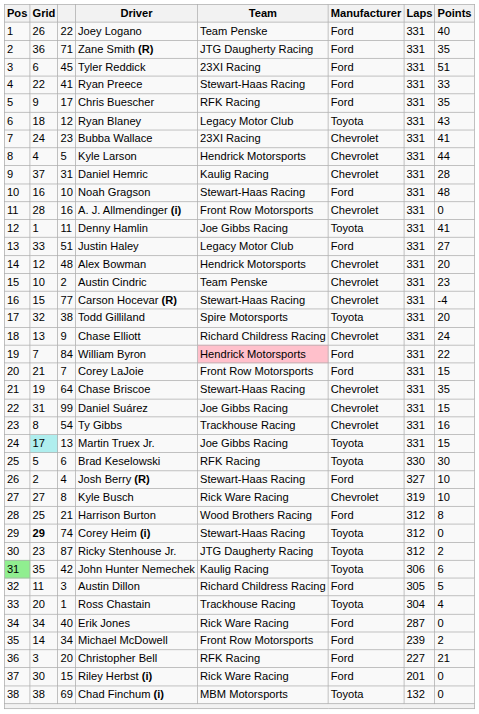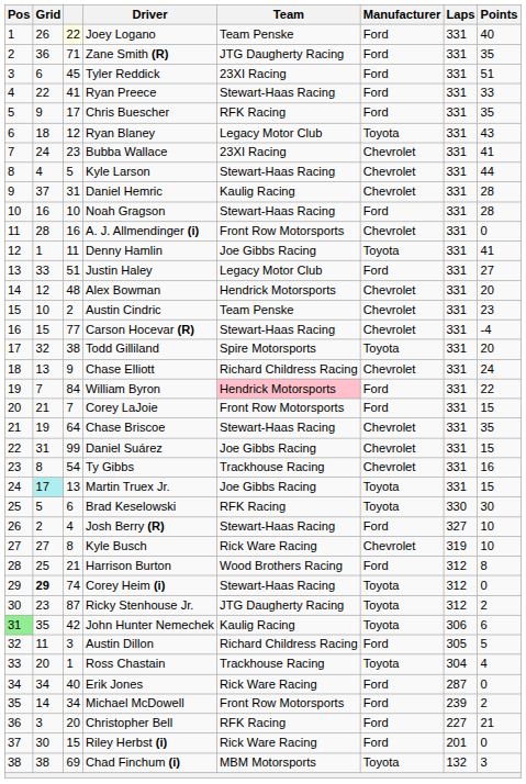 <table class="wikitable" style="font-size:98%">
 <tr>
 <th>Pos</th>
 <th>Grid</th>
 <th></th>
 <th>Driver</th>
 <th>Team</th>
 <th>Manufacturer</th>
 <th>Laps</th>
 <th>Points</th>
 </tr>
 <tr>
 <td>1</td>
 <td>26</td>
-<td>22</td>
+<td style="background: lightyellow;">22</td>
 <td>Joey Logano</td>
 <td>Team Penske</td>
 <td>Ford</td>
 <td>331</td>
 <td>40</td>
 </tr>
 <tr>
 <td>2</td>
 <td>36</td>
 <td>71</td>
 <td>Zane Smith <strong>(R)</strong></td>
 <td>JTG Daugherty Racing</td>
 <td>Ford</td>
 <td>331</td>
 <td>35</td>
 </tr>
 <tr>
 <td>3</td>
 <td>6</td>
 <td>45</td>
 <td>Tyler Reddick</td>
 <td>23XI Racing</td>
 <td>Ford</td>
 <td>331</td>
 <td>51</td>
 </tr>
 <tr>
 <td>4</td>
 <td>22</td>
 <td>41</td>
 <td>Ryan Preece</td>
 <td>Stewart-Haas Racing</td>
 <td>Ford</td>
 <td>331</td>
 <td>33</td>
 </tr>
 <tr>
 <td>5</td>
 <td>9</td>
 <td>17</td>
 <td>Chris Buescher</td>
 <td>RFK Racing</td>
 <td>Ford</td>
 <td>331</td>
 <td>35</td>
 </tr>
 <tr>
 <td>6</td>
 <td>18</td>
 <td>12</td>
 <td>Ryan Blaney</td>
 <td>Legacy Motor Club</td>
 <td>Toyota</td>
 <td>331</td>
 <td>43</td>
 </tr>
 <tr>
 <td>7</td>
 <td>24</td>
 <td>23</td>
 <td>Bubba Wallace</td>
 <td>23XI Racing</td>
 <td>Chevrolet</td>
 <td>331</td>
 <td>41</td>
 </tr>
 <tr>
 <td>8</td>
 <td>4</td>
 <td>5</td>
 <td>Kyle Larson</td>
-<td>Hendrick Motorsports</td>
+<td>Stewart-Haas Racing</td>
 <td>Chevrolet</td>
 <td>331</td>
 <td>44</td>
 </tr>
 <tr>
 <td>9</td>
 <td>37</td>
 <td>31</td>
 <td>Daniel Hemric</td>
 <td>Kaulig Racing</td>
 <td>Chevrolet</td>
 <td>331</td>
 <td>28</td>
 </tr>
 <tr>
 <td>10</td>
 <td>16</td>
 <td>10</td>
 <td>Noah Gragson</td>
 <td>Stewart-Haas Racing</td>
 <td>Ford</td>
 <td>331</td>
-<td>48</td>
+<td>28</td>
 </tr>
 <tr>
 <td>11</td>
 <td>28</td>
 <td>16</td>
 <td>A. J. Allmendinger <strong>(i)</strong></td>
 <td>Front Row Motorsports</td>
 <td>Chevrolet</td>
 <td>331</td>
 <td>0</td>
 </tr>
 <tr>
 <td>12</td>
 <td>1</td>
 <td>11</td>
 <td>Denny Hamlin</td>
 <td>Joe Gibbs Racing</td>
 <td>Toyota</td>
 <td>331</td>
 <td>41</td>
 </tr>
 <tr>
 <td>13</td>
 <td>33</td>
 <td>51</td>
 <td>Justin Haley</td>
 <td>Legacy Motor Club</td>
 <td>Ford</td>
 <td>331</td>
 <td>27</td>
 </tr>
 <tr>
 <td>14</td>
 <td>12</td>
 <td>48</td>
 <td>Alex Bowman</td>
 <td>Hendrick Motorsports</td>
 <td>Chevrolet</td>
 <td>331</td>
 <td>20</td>
 </tr>
 <tr>
 <td>15</td>
 <td>10</td>
 <td>2</td>
 <td>Austin Cindric</td>
 <td>Team Penske</td>
 <td>Chevrolet</td>
 <td>331</td>
 <td>23</td>
 </tr>
 <tr>
 <td>16</td>
 <td>15</td>
 <td>77</td>
 <td>Carson Hocevar <strong>(R)</strong></td>
 <td>Stewart-Haas Racing</td>
 <td>Chevrolet</td>
 <td>331</td>
 <td>-4</td>
 </tr>
 <tr>
 <td>17</td>
 <td>32</td>
 <td>38</td>
 <td>Todd Gilliland</td>
 <td>Spire Motorsports</td>
 <td>Toyota</td>
 <td>331</td>
 <td>20</td>
 </tr>
 <tr>
 <td>18</td>
 <td>13</td>
 <td>9</td>
 <td>Chase Elliott</td>
 <td>Richard Childress Racing</td>
 <td>Chevrolet</td>
 <td>331</td>
 <td>24</td>
 </tr>
 <tr>
 <td>19</td>
 <td>7</td>
 <td>84</td>
 <td>William Byron</td>
 <td style="background: pink;">Hendrick Motorsports</td>
 <td>Ford</td>
 <td>331</td>
 <td>22</td>
 </tr>
 <tr>
 <td>20</td>
 <td>21</td>
 <td>7</td>
 <td>Corey LaJoie</td>
 <td>Front Row Motorsports</td>
 <td>Ford</td>
 <td>331</td>
 <td>15</td>
 </tr>
 <tr>
 <td>21</td>
 <td>19</td>
 <td>64</td>
 <td>Chase Briscoe</td>
 <td>Stewart-Haas Racing</td>
 <td>Chevrolet</td>
 <td>331</td>
 <td>35</td>
 </tr>
 <tr>
 <td>22</td>
 <td>31</td>
 <td>99</td>
 <td>Daniel Suárez</td>
 <td>Joe Gibbs Racing</td>
 <td>Chevrolet</td>
 <td>331</td>
 <td>15</td>
 </tr>
 <tr>
 <td>23</td>
 <td>8</td>
 <td>54</td>
 <td>Ty Gibbs</td>
 <td>Trackhouse Racing</td>
 <td>Chevrolet</td>
 <td>331</td>
 <td>16</td>
 </tr>
 <tr>
 <td>24</td>
 <td style="background: paleturquoise;">17</td>
 <td>13</td>
 <td>Martin Truex Jr.</td>
 <td>Joe Gibbs Racing</td>
 <td>Toyota</td>
 <td>331</td>
 <td>15</td>
 </tr>
 <tr>
 <td>25</td>
 <td>5</td>
 <td>6</td>
 <td>Brad Keselowski</td>
 <td>RFK Racing</td>
 <td>Toyota</td>
 <td>330</td>
 <td>30</td>
 </tr>
 <tr>
 <td>26</td>
 <td>2</td>
 <td>4</td>
 <td>Josh Berry <strong>(R)</strong></td>
 <td>Stewart-Haas Racing</td>
 <td>Ford</td>
 <td>327</td>
 <td>10</td>
 </tr>
 <tr>
 <td>27</td>
 <td>27</td>
 <td>8</td>
 <td>Kyle Busch</td>
 <td>Rick Ware Racing</td>
 <td>Chevrolet</td>
 <td>319</td>
 <td>10</td>
 </tr>
 <tr>
 <td>28</td>
 <td>25</td>
 <td>21</td>
 <td>Harrison Burton</td>
 <td>Wood Brothers Racing</td>
 <td>Ford</td>
 <td>312</td>
 <td>8</td>
 </tr>
 <tr>
 <td>29</td>
 <td><strong>29</strong></td>
 <td>74</td>
 <td>Corey Heim <strong>(i)</strong></td>
 <td>Stewart-Haas Racing</td>
 <td>Toyota</td>
 <td>312</td>
 <td>0</td>
 </tr>
 <tr>
 <td>30</td>
 <td>23</td>
 <td>87</td>
 <td>Ricky Stenhouse Jr.</td>
 <td>JTG Daugherty Racing</td>
 <td>Toyota</td>
 <td>312</td>
 <td>2</td>
 </tr>
 <tr>
 <td style="background: lightgreen;">31</td>
 <td>35</td>
 <td>42</td>
 <td>John Hunter Nemechek</td>
 <td>Kaulig Racing</td>
 <td>Toyota</td>
 <td>306</td>
 <td>6</td>
 </tr>
 <tr>
 <td>32</td>
 <td>11</td>
 <td>3</td>
 <td>Austin Dillon</td>
 <td>Richard Childress Racing</td>
 <td>Ford</td>
 <td>305</td>
 <td>5</td>
 </tr>
 <tr>
 <td>33</td>
 <td>20</td>
 <td>1</td>
 <td>Ross Chastain</td>
 <td>Trackhouse Racing</td>
 <td>Toyota</td>
 <td>304</td>
 <td>4</td>
 </tr>
 <tr>
 <td>34</td>
 <td>34</td>
 <td>40</td>
 <td>Erik Jones</td>
 <td>Rick Ware Racing</td>
 <td>Ford</td>
 <td>287</td>
 <td>0</td>
 </tr>
 <tr>
 <td>35</td>
 <td>14</td>
 <td>34</td>
 <td>Michael McDowell</td>
 <td>Front Row Motorsports</td>
 <td>Ford</td>
 <td>239</td>
 <td>2</td>
 </tr>
 <tr>
 <td>36</td>
 <td>3</td>
 <td>20</td>
 <td>Christopher Bell</td>
 <td>RFK Racing</td>
 <td>Ford</td>
 <td>227</td>
 <td>21</td>
 </tr>
 <tr>
 <td>37</td>
 <td>30</td>
 <td>15</td>
 <td>Riley Herbst <strong>(i)</strong></td>
 <td>Rick Ware Racing</td>
 <td>Ford</td>
 <td>201</td>
 <td>0</td>
 </tr>
 <tr>
 <td>38</td>
 <td>38</td>
 <td>69</td>
 <td>Chad Finchum <strong>(i)</strong></td>
 <td>MBM Motorsports</td>
 <td>Toyota</td>
 <td>132</td>
-<td>0</td>
+<td>3</td>
 </tr>
 <tr>
 <th colspan="8"></th>
 </tr>
 </table>
